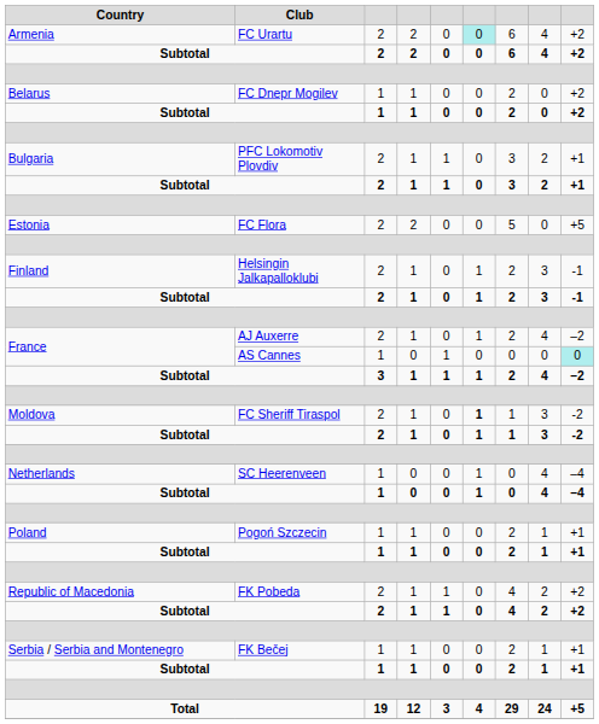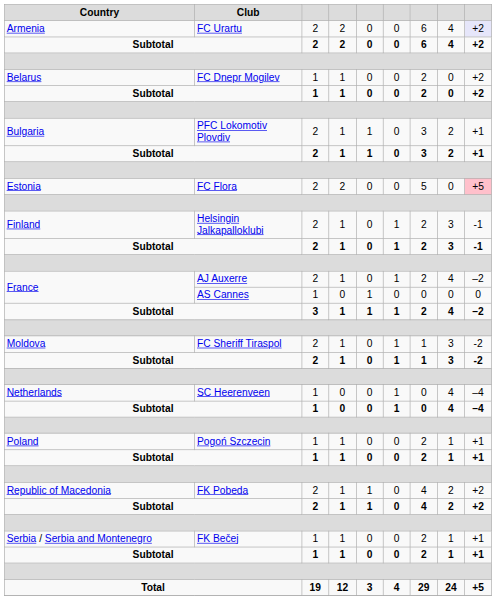 <table class="wikitable" style="text-align: center;">
 <tr>
 <th width="290" style="background:#DCDCDC">Country</th>
 <th width="160" style="background:#DCDCDC">Club</th>
 <th width="35" style="background:#DCDCDC"></th>
 <th width="35" style="background:#DCDCDC"></th>
 <th width="35" style="background:#DCDCDC"></th>
 <th width="35" style="background:#DCDCDC"></th>
 <th width="35" style="background:#DCDCDC"></th>
 <th width="35" style="background:#DCDCDC"></th>
 <th width="35" style="background:#DCDCDC"></th>
 </tr>
 <tr>
 <td align=left> <a href='#'>Armenia</a></td>
 <td align=left><a href='#'>FC Urartu</a></td>
 <td>2</td>
 <td>2</td>
 <td>0</td>
-<td style="background: paleturquoise;">0</td>
+<td>0</td>
 <td>6</td>
 <td>4</td>
-<td>+2</td>
+<td style="background: lavender;">+2</td>
 </tr>
 <tr>
 <td colspan=2 align-"center"><strong>Subtotal</strong></td>
 <td><strong>2</strong></td>
 <td><strong>2</strong></td>
 <td><strong>0</strong></td>
 <td><strong>0</strong></td>
 <td><strong>6</strong></td>
 <td><strong>4</strong></td>
 <td><strong>+2</strong></td>
 </tr>
 <tr>
 <th colspan=9 height="18" style="background:#DCDCDC"></th>
 </tr>
 <tr>
 <td align=left> <a href='#'>Belarus</a></td>
 <td align=left><a href='#'>FC Dnepr Mogilev</a></td>
 <td>1</td>
 <td>1</td>
 <td>0</td>
 <td>0</td>
 <td>2</td>
 <td>0</td>
 <td>+2</td>
 </tr>
 <tr>
 <td colspan=2 align-"center"><strong>Subtotal</strong></td>
 <td><strong>1</strong></td>
 <td><strong>1</strong></td>
 <td><strong>0</strong></td>
 <td><strong>0</strong></td>
 <td><strong>2</strong></td>
 <td><strong>0</strong></td>
 <td><strong>+2</strong></td>
 </tr>
 <tr>
 <th colspan=9 height="18" style="background:#DCDCDC"></th>
 </tr>
 <tr>
 <td align=left> <a href='#'>Bulgaria</a></td>
 <td align=left><a href='#'>PFC Lokomotiv Plovdiv</a></td>
 <td>2</td>
 <td>1</td>
 <td>1</td>
 <td>0</td>
 <td>3</td>
 <td>2</td>
 <td>+1</td>
 </tr>
 <tr>
 <td colspan=2 align-"center"><strong>Subtotal</strong></td>
 <td><strong>2</strong></td>
 <td><strong>1</strong></td>
 <td><strong>1</strong></td>
 <td><strong>0</strong></td>
 <td><strong>3</strong></td>
 <td><strong>2</strong></td>
 <td><strong>+1</strong></td>
 </tr>
 <tr>
 <th colspan=9 height="18" style="background:#DCDCDC"></th>
 </tr>
 <tr>
 <td align=left> <a href='#'>Estonia</a></td>
 <td align=left><a href='#'>FC Flora</a></td>
 <td>2</td>
 <td>2</td>
 <td>0</td>
 <td>0</td>
 <td>5</td>
 <td>0</td>
-<td>+5</td>
+<td style="background: pink;">+5</td>
 </tr>
 <tr>
 <th colspan=9 height="18" style="background:#DCDCDC"></th>
 </tr>
 <tr>
 <td align=left> <a href='#'>Finland</a></td>
 <td align=left><a href='#'>Helsingin Jalkapalloklubi</a></td>
 <td>2</td>
 <td>1</td>
 <td>0</td>
 <td>1</td>
 <td>2</td>
 <td>3</td>
 <td>-1</td>
 </tr>
 <tr>
 <td colspan=2 align-"center"><strong>Subtotal</strong></td>
 <td><strong>2</strong></td>
 <td><strong>1</strong></td>
 <td><strong>0</strong></td>
 <td><strong>1</strong></td>
 <td><strong>2</strong></td>
 <td><strong>3</strong></td>
 <td><strong>-1</strong></td>
 </tr>
 <tr>
 <th colspan=9 height="18" style="background:#DCDCDC"></th>
 </tr>
 <tr>
 <td rowspan=2 align=left> <a href='#'>France</a></td>
 <td align=left><a href='#'>AJ Auxerre</a></td>
 <td>2</td>
 <td>1</td>
 <td>0</td>
 <td>1</td>
 <td>2</td>
 <td>4</td>
 <td>–2</td>
 </tr>
 <tr>
 <td align=left><a href='#'>AS Cannes</a></td>
 <td>1</td>
 <td>0</td>
 <td>1</td>
 <td>0</td>
 <td>0</td>
 <td>0</td>
-<td style="background: paleturquoise;">0</td>
+<td>0</td>
 </tr>
 <tr>
 <td colspan=2 align-"center"><strong>Subtotal</strong></td>
 <td><strong>3</strong></td>
 <td><strong>1</strong></td>
 <td><strong>1</strong></td>
 <td><strong>1</strong></td>
 <td><strong>2</strong></td>
 <td><strong>4</strong></td>
 <td><strong>–2</strong></td>
 </tr>
 <tr>
 <th colspan=9 height="18" style="background:#DCDCDC"></th>
 </tr>
 <tr>
 <td align=left> <a href='#'>Moldova</a></td>
 <td align=left><a href='#'>FC Sheriff Tiraspol</a></td>
 <td>2</td>
 <td>1</td>
 <td>0</td>
-<td><strong>1</strong></td>
+<td>1</td>
 <td>1</td>
 <td>3</td>
 <td>-2</td>
 </tr>
 <tr>
 <td colspan=2 align-"center"><strong>Subtotal</strong></td>
 <td><strong>2</strong></td>
 <td><strong>1</strong></td>
 <td><strong>0</strong></td>
 <td><strong>1</strong></td>
 <td><strong>1</strong></td>
 <td><strong>3</strong></td>
 <td><strong>-2</strong></td>
 </tr>
 <tr>
 <th colspan=9 height="18" style="background:#DCDCDC"></th>
 </tr>
 <tr>
 <td align=left> <a href='#'>Netherlands</a></td>
 <td align=left><a href='#'>SC Heerenveen</a></td>
 <td>1</td>
 <td>0</td>
 <td>0</td>
 <td>1</td>
 <td>0</td>
 <td>4</td>
 <td>–4</td>
 </tr>
 <tr>
 <td colspan=2 align-"center"><strong>Subtotal</strong></td>
 <td><strong>1</strong></td>
 <td><strong>0</strong></td>
 <td><strong>0</strong></td>
 <td><strong>1</strong></td>
 <td><strong>0</strong></td>
 <td><strong>4</strong></td>
 <td><strong>–4</strong></td>
 </tr>
 <tr>
 <th colspan=9 height="18" style="background:#DCDCDC"></th>
 </tr>
 <tr>
 <td align=left> <a href='#'>Poland</a></td>
 <td align=left><a href='#'>Pogoń Szczecin</a></td>
 <td>1</td>
 <td>1</td>
 <td>0</td>
 <td>0</td>
 <td>2</td>
 <td>1</td>
 <td>+1</td>
 </tr>
 <tr>
 <td colspan=2 align-"center"><strong>Subtotal</strong></td>
 <td><strong>1</strong></td>
 <td><strong>1</strong></td>
 <td><strong>0</strong></td>
 <td><strong>0</strong></td>
 <td><strong>2</strong></td>
 <td><strong>1</strong></td>
 <td><strong>+1</strong></td>
 </tr>
 <tr>
 <th colspan=9 height="18" style="background:#DCDCDC"></th>
 </tr>
 <tr>
 <td align=left> <a href='#'>Republic of Macedonia</a></td>
 <td align=left><a href='#'>FK Pobeda</a></td>
 <td>2</td>
 <td>1</td>
 <td>1</td>
 <td>0</td>
 <td>4</td>
 <td>2</td>
 <td>+2</td>
 </tr>
 <tr>
 <td colspan=2 align-"center"><strong>Subtotal</strong></td>
 <td><strong>2</strong></td>
 <td><strong>1</strong></td>
 <td><strong>1</strong></td>
 <td><strong>0</strong></td>
 <td><strong>4</strong></td>
 <td><strong>2</strong></td>
 <td><strong>+2</strong></td>
 </tr>
 <tr>
 <th colspan=9 height="18" style="background:#DCDCDC"></th>
 </tr>
 <tr>
 <td align=left> <a href='#'>Serbia</a> /  <a href='#'>Serbia and Montenegro</a></td>
 <td align=left><a href='#'>FK Bečej</a></td>
 <td>1</td>
 <td>1</td>
 <td>0</td>
 <td>0</td>
 <td>2</td>
 <td>1</td>
 <td>+1</td>
 </tr>
 <tr>
 <td colspan=2 align-"center"><strong>Subtotal</strong></td>
 <td><strong>1</strong></td>
 <td><strong>1</strong></td>
 <td><strong>0</strong></td>
 <td><strong>0</strong></td>
 <td><strong>2</strong></td>
 <td><strong>1</strong></td>
 <td><strong>+1</strong></td>
 </tr>
 <tr>
 <th colspan=9 height="18" style="background:#DCDCDC"></th>
 </tr>
 <tr>
 <td colspan=2 align-"center"><strong>Total</strong></td>
 <td><strong>19</strong></td>
 <td><strong>12</strong></td>
 <td><strong>3</strong></td>
 <td><strong>4</strong></td>
 <td><strong>29</strong></td>
 <td><strong>24</strong></td>
 <td><strong>+5</strong></td>
 </tr>
 <tr>
 </tr>
 </table>
